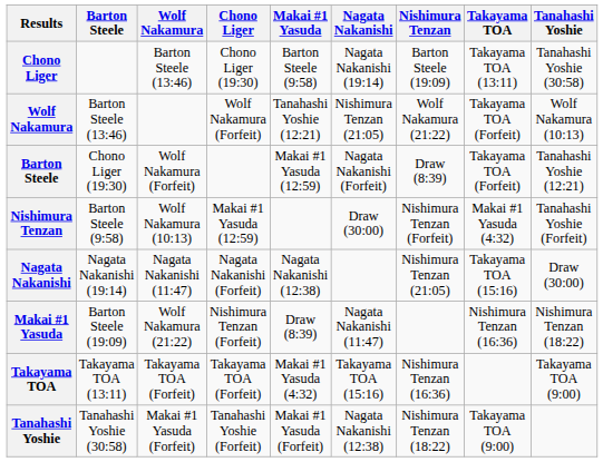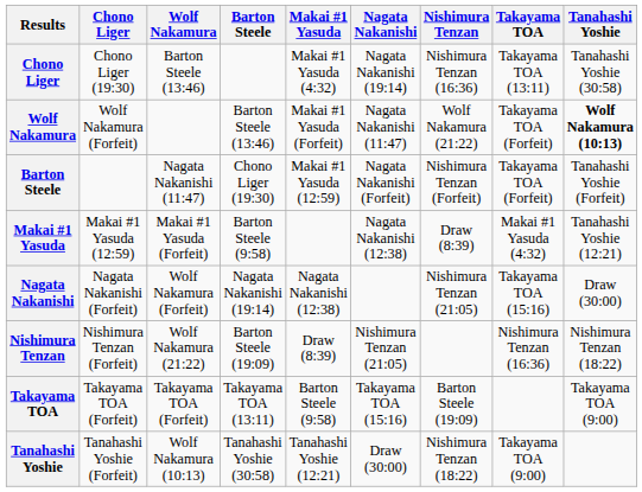 <table class="wikitable" style="text-align:center; margin: 1em auto 1em auto">
 <tr align="center">
 <th>Results</th>
+<th><a href='#'>Chono</a><br><a href='#'>Liger</a></th>
+<th><a href='#'>Wolf</a><br><a href='#'>Nakamura</a></th>
 <th><a href='#'>Barton</a><br>Steele</th>
-<th><a href='#'>Wolf</a><br><a href='#'>Nakamura</a></th>
-<th><a href='#'>Chono</a><br><a href='#'>Liger</a></th>
 <th><a href='#'>Makai #1</a><br><a href='#'>Yasuda</a></th>
 <th><a href='#'>Nagata</a><br><a href='#'>Nakanishi</a></th>
 <th><a href='#'>Nishimura</a><br><a href='#'>Tenzan</a></th>
 <th><a href='#'>Takayama</a><br>TOA</th>
 <th><a href='#'>Tanahashi</a><br>Yoshie</th>
 </tr>
 <tr align="center">
 <th><a href='#'>Chono</a><br><a href='#'>Liger</a></th>
+<td>Chono<br>Liger<br>(19:30)</td>
+<td>Barton<br>Steele<br>(13:46)</td>
 <td></td>
-<td>Barton<br>Steele<br>(13:46)</td>
-<td>Chono<br>Liger<br>(19:30)</td>
-<td>Barton<br>Steele<br>(9:58)</td>
+<td>Makai #1<br>Yasuda<br>(4:32)</td>
 <td>Nagata<br>Nakanishi<br>(19:14)</td>
-<td>Barton<br>Steele<br>(19:09)</td>
+<td>Nishimura<br>Tenzan<br>(16:36)</td>
 <td>Takayama<br>TOA<br>(13:11)</td>
 <td>Tanahashi<br>Yoshie<br>(30:58)</td>
 </tr>
 <tr align="center">
 <th><a href='#'>Wolf</a><br><a href='#'>Nakamura</a></th>
+<td>Wolf<br>Nakamura<br>(Forfeit)</td>
+<td></td>
 <td>Barton<br>Steele<br>(13:46)</td>
-<td></td>
-<td>Wolf<br>Nakamura<br>(Forfeit)</td>
-<td>Tanahashi<br>Yoshie<br>(12:21)</td>
-<td>Nishimura<br>Tenzan<br>(21:05)</td>
+<td>Makai #1<br>Yasuda<br>(Forfeit)</td>
+<td>Nagata<br>Nakanishi<br>(11:47)</td>
 <td>Wolf<br>Nakamura<br>(21:22)</td>
 <td>Takayama<br>TOA<br>(Forfeit)</td>
-<td>Wolf<br>Nakamura<br>(10:13)</td>
+<td><strong>Wolf<br>Nakamura<br>(10:13)</strong></td>
 </tr>
 <tr align="center">
 <th><a href='#'>Barton</a><br>Steele</th>
+<td></td>
+<td>Nagata<br>Nakanishi<br>(11:47)</td>
 <td>Chono<br>Liger<br>(19:30)</td>
-<td>Wolf<br>Nakamura<br>(Forfeit)</td>
-<td></td>
 <td>Makai #1<br>Yasuda<br>(12:59)</td>
 <td>Nagata<br>Nakanishi<br>(Forfeit)</td>
+<td>Nishimura<br>Tenzan<br>(Forfeit)</td>
+<td>Takayama<br>TOA<br>(Forfeit)</td>
+<td>Tanahashi<br>Yoshie<br>(Forfeit)</td>
+</tr>
+<tr align="center">
+<th><a href='#'>Makai #1</a><br><a href='#'>Yasuda</a></th>
+<td>Makai #1<br>Yasuda<br>(12:59)</td>
+<td>Makai #1<br>Yasuda<br>(Forfeit)</td>
+<td>Barton<br>Steele<br>(9:58)</td>
+<td></td>
+<td>Nagata<br>Nakanishi<br>(12:38)</td>
 <td>Draw<br>(8:39)</td>
-<td>Takayama<br>TOA<br>(Forfeit)</td>
+<td>Makai #1<br>Yasuda<br>(4:32)</td>
 <td>Tanahashi<br>Yoshie<br>(12:21)</td>
 </tr>
 <tr align="center">
-<th><a href='#'>Nishimura</a><br><a href='#'>Tenzan</a></th>
-<td>Barton<br>Steele<br>(9:58)</td>
-<td>Wolf<br>Nakamura<br>(10:13)</td>
-<td>Makai #1<br>Yasuda<br>(12:59)</td>
-<td></td>
-<td>Draw<br>(30:00)</td>
-<td>Nishimura<br>Tenzan<br>(Forfeit)</td>
-<td>Makai #1<br>Yasuda<br>(4:32)</td>
-<td>Tanahashi<br>Yoshie<br>(Forfeit)</td>
-</tr>
-<tr align="center">
 <th><a href='#'>Nagata</a><br><a href='#'>Nakanishi</a></th>
+<td>Nagata<br>Nakanishi<br>(Forfeit)</td>
+<td>Wolf<br>Nakamura<br>(Forfeit)</td>
 <td>Nagata<br>Nakanishi<br>(19:14)</td>
-<td>Nagata<br>Nakanishi<br>(11:47)</td>
-<td>Nagata<br>Nakanishi<br>(Forfeit)</td>
 <td>Nagata<br>Nakanishi<br>(12:38)</td>
 <td></td>
 <td>Nishimura<br>Tenzan<br>(21:05)</td>
 <td>Takayama<br>TOA<br>(15:16)</td>
 <td>Draw<br>(30:00)</td>
 </tr>
 <tr align="center">
-<th><a href='#'>Makai #1</a><br><a href='#'>Yasuda</a></th>
+<th><a href='#'>Nishimura</a><br><a href='#'>Tenzan</a></th>
+<td>Nishimura<br>Tenzan<br>(Forfeit)</td>
+<td>Wolf<br>Nakamura<br>(21:22)</td>
 <td>Barton<br>Steele<br>(19:09)</td>
-<td>Wolf<br>Nakamura<br>(21:22)</td>
-<td>Nishimura<br>Tenzan<br>(Forfeit)</td>
 <td>Draw<br>(8:39)</td>
-<td>Nagata<br>Nakanishi<br>(11:47)</td>
+<td>Nishimura<br>Tenzan<br>(21:05)</td>
 <td></td>
 <td>Nishimura<br>Tenzan<br>(16:36)</td>
 <td>Nishimura<br>Tenzan<br>(18:22)</td>
 </tr>
 <tr align="center">
 <th><a href='#'>Takayama</a><br>TOA</th>
-<td>Takayama<br>TOA<br>(13:11)</td>
 <td>Takayama<br>TOA<br>(Forfeit)</td>
 <td>Takayama<br>TOA<br>(Forfeit)</td>
-<td>Makai #1<br>Yasuda<br>(4:32)</td>
+<td>Takayama<br>TOA<br>(13:11)</td>
+<td>Barton<br>Steele<br>(9:58)</td>
 <td>Takayama<br>TOA<br>(15:16)</td>
-<td>Nishimura<br>Tenzan<br>(16:36)</td>
+<td>Barton<br>Steele<br>(19:09)</td>
 <td></td>
 <td>Takayama<br>TOA<br>(9:00)</td>
 </tr>
 <tr align="center">
 <th><a href='#'>Tanahashi</a><br>Yoshie</th>
+<td>Tanahashi<br>Yoshie<br>(Forfeit)</td>
+<td>Wolf<br>Nakamura<br>(10:13)</td>
 <td>Tanahashi<br>Yoshie<br>(30:58)</td>
-<td>Makai #1<br>Yasuda<br>(Forfeit)</td>
-<td>Tanahashi<br>Yoshie<br>(Forfeit)</td>
-<td>Makai #1<br>Yasuda<br>(Forfeit)</td>
-<td>Nagata<br>Nakanishi<br>(12:38)</td>
+<td>Tanahashi<br>Yoshie<br>(12:21)</td>
+<td>Draw<br>(30:00)</td>
 <td>Nishimura<br>Tenzan<br>(18:22)</td>
 <td>Takayama<br>TOA<br>(9:00)</td>
 <td></td>
 </tr>
 </table>
